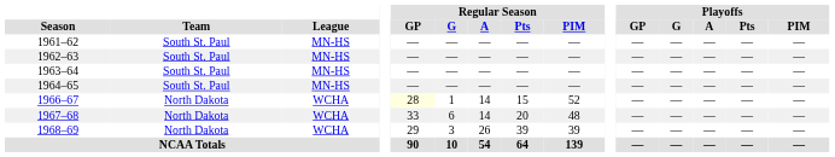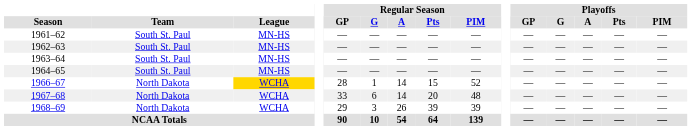 <table border="0" cellpadding="1" cellspacing="0" style="text-align:center; width:70em">
 <tr bgcolor="#e0e0e0">
 <th colspan="3"  bgcolor="#ffffff"> </th>
 <th rowspan="99" bgcolor="#ffffff"> </th>
 <th colspan="5">Regular Season</th>
 <th rowspan="99" bgcolor="#ffffff"> </th>
 <th colspan="5">Playoffs</th>
 </tr>
 <tr bgcolor="#e0e0e0">
 <th>Season</th>
 <th>Team</th>
 <th>League</th>
 <th>GP</th>
 <th><a href='#'>G</a></th>
 <th><a href='#'>A</a></th>
 <th><a href='#'>Pts</a></th>
 <th><a href='#'>PIM</a></th>
 <th>GP</th>
 <th>G</th>
 <th>A</th>
 <th>Pts</th>
 <th>PIM</th>
 </tr>
 <tr>
 <td>1961–62</td>
 <td><a href='#'>South St. Paul</a></td>
 <td><a href='#'>MN-HS</a></td>
 <td>—</td>
 <td>—</td>
 <td>—</td>
 <td>—</td>
 <td>—</td>
 <td>—</td>
 <td>—</td>
 <td>—</td>
 <td>—</td>
 <td>—</td>
 </tr>
 <tr bgcolor=f0f0f0>
 <td>1962–63</td>
 <td><a href='#'>South St. Paul</a></td>
 <td><a href='#'>MN-HS</a></td>
 <td>—</td>
 <td>—</td>
 <td>—</td>
 <td>—</td>
 <td>—</td>
 <td>—</td>
 <td>—</td>
 <td>—</td>
 <td>—</td>
 <td>—</td>
 </tr>
 <tr>
 <td>1963–64</td>
 <td><a href='#'>South St. Paul</a></td>
 <td><a href='#'>MN-HS</a></td>
 <td>—</td>
 <td>—</td>
 <td>—</td>
 <td>—</td>
 <td>—</td>
 <td>—</td>
 <td>—</td>
 <td>—</td>
 <td>—</td>
 <td>—</td>
 </tr>
 <tr bgcolor=f0f0f0>
 <td>1964–65</td>
 <td><a href='#'>South St. Paul</a></td>
 <td><a href='#'>MN-HS</a></td>
 <td>—</td>
 <td>—</td>
 <td>—</td>
 <td>—</td>
 <td>—</td>
 <td>—</td>
 <td>—</td>
 <td>—</td>
 <td>—</td>
 <td>—</td>
 </tr>
 <tr>
 <td><a href='#'>1966–67</a></td>
 <td><a href='#'>North Dakota</a></td>
-<td><a href='#'>WCHA</a></td>
-<td style="background: lightyellow;">28</td>
+<td style="background: gold;"><a href='#'>WCHA</a></td>
+<td>28</td>
 <td>1</td>
 <td>14</td>
 <td>15</td>
 <td>52</td>
 <td>—</td>
 <td>—</td>
 <td>—</td>
 <td>—</td>
 <td>—</td>
 </tr>
 <tr bgcolor=f0f0f0>
 <td><a href='#'>1967–68</a></td>
 <td><a href='#'>North Dakota</a></td>
 <td><a href='#'>WCHA</a></td>
 <td>33</td>
 <td>6</td>
 <td>14</td>
 <td>20</td>
 <td>48</td>
 <td>—</td>
 <td>—</td>
 <td>—</td>
 <td>—</td>
 <td>—</td>
 </tr>
 <tr>
 <td><a href='#'>1968–69</a></td>
 <td><a href='#'>North Dakota</a></td>
 <td><a href='#'>WCHA</a></td>
 <td>29</td>
 <td>3</td>
 <td>26</td>
 <td>39</td>
 <td>39</td>
 <td>—</td>
 <td>—</td>
 <td>—</td>
 <td>—</td>
 <td>—</td>
 </tr>
 <tr bgcolor="#e0e0e0">
 <th colspan="3">NCAA Totals</th>
 <th>90</th>
 <th>10</th>
 <th>54</th>
 <th>64</th>
 <th>139</th>
 <th>—</th>
 <th>—</th>
 <th>—</th>
 <th>—</th>
 <th>—</th>
 </tr>
 </table>
